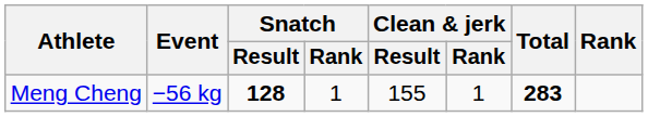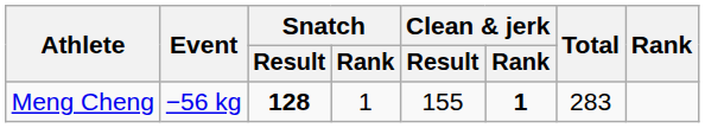 <table class="wikitable" style="font-size:90%">
 <tr>
 <th rowspan="2">Athlete</th>
 <th rowspan="2">Event</th>
 <th colspan="2">Snatch</th>
 <th colspan="2">Clean & jerk</th>
 <th rowspan="2">Total</th>
 <th rowspan="2">Rank</th>
 </tr>
 <tr style="font-size:95%">
 <th>Result</th>
 <th>Rank</th>
 <th>Result</th>
 <th>Rank</th>
 </tr>
 <tr align=center>
 <td align=left><a href='#'>Meng Cheng</a></td>
 <td align=left><a href='#'>−56 kg</a></td>
 <td><strong>128</strong></td>
 <td>1</td>
 <td>155</td>
-<td>1</td>
-<td><strong>283</strong></td>
+<td><strong>1</strong></td>
+<td>283</td>
 <td></td>
 </tr>
 </table>
